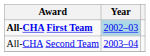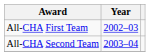 <table class="wikitable">
 <tr>
 <th>Award</th>
 <th>Year</th>
 <th></th>
 </tr>
 <tr>
-<td><strong>All-<a href='#'>CHA</a> <a href='#'>First Team</a></strong></td>
-<td style="background: lightblue;"><a href='#'>2002–03</a></td>
+<td>All-<a href='#'>CHA</a> <a href='#'>First Team</a></td>
+<td><a href='#'>2002–03</a></td>
 <td></td>
 </tr>
 <tr>
 <td>All-<a href='#'>CHA</a> <a href='#'>Second Team</a></td>
 <td><a href='#'>2003–04</a></td>
 <td></td>
 </tr>
 <tr>
 </tr>
 </table>
